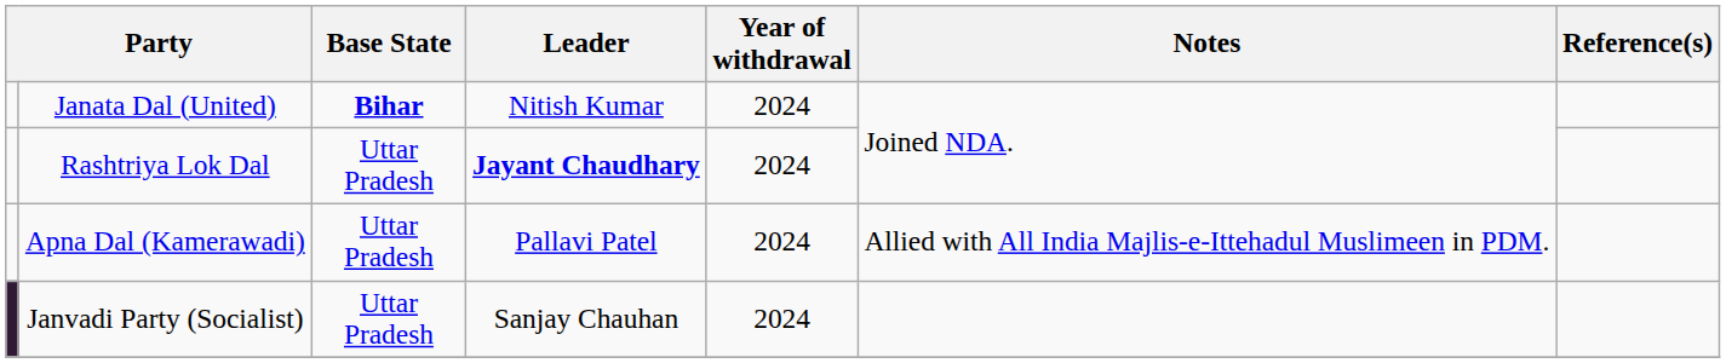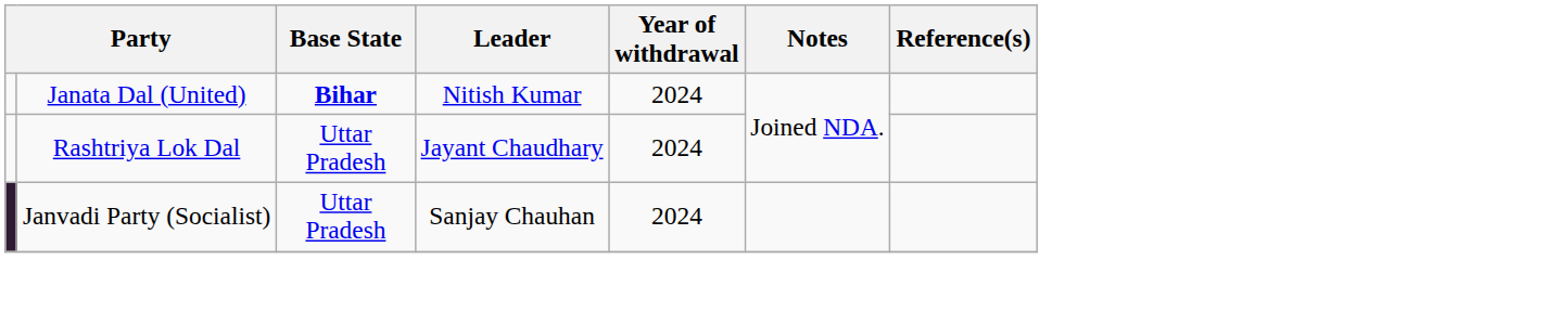 <table class="wikitable sortable">
 <tr>
 <th colspan="2" style="width:30px;">Party</th>
 <th style="width:80px;">Base State</th>
 <th>Leader</th>
 <th style="width:60px;">Year of withdrawal</th>
 <th>Notes</th>
 <th>Reference(s)</th>
 </tr>
 <tr>
 <td style="background-color:"></td>
 <td style="text-align: center;"><a href='#'>Janata Dal (United)</a></td>
 <td style="text-align: center;"><strong><a href='#'>Bihar</a></strong></td>
 <td style="text-align: center;"><a href='#'>Nitish Kumar</a></td>
 <td style="text-align: center;">2024</td>
 <td rowspan="2">Joined <a href='#'>NDA</a>.</td>
 <td></td>
 </tr>
 <tr>
 <td></td>
 <td style="text-align: center;"><a href='#'>Rashtriya Lok Dal</a></td>
 <td style="text-align: center;"><a href='#'>Uttar Pradesh</a></td>
-<td style="text-align: center;"><strong><a href='#'>Jayant Chaudhary</a></strong></td>
+<td style="text-align: center;"><a href='#'>Jayant Chaudhary</a></td>
 <td style="text-align: center;">2024</td>
-<td></td>
-</tr>
-<tr>
-<td></td>
-<td style="text-align: center;"><a href='#'>Apna Dal (Kamerawadi)</a></td>
-<td style="text-align: center;"><a href='#'>Uttar Pradesh</a></td>
-<td style="text-align: center;"><a href='#'>Pallavi Patel</a></td>
-<td style="text-align: center;">2024</td>
-<td>Allied with <a href='#'>All India Majlis-e-Ittehadul Muslimeen</a> in <a href='#'>PDM</a>.</td>
 <td></td>
 </tr>
 <tr>
 <td bgcolor="#301934"></td>
 <td style="text-align: center;">Janvadi Party (Socialist)</td>
 <td style="text-align: center;"><a href='#'>Uttar Pradesh</a></td>
 <td style="text-align: center;">Sanjay Chauhan</td>
 <td style="text-align: center;">2024</td>
 <td></td>
 <td></td>
 </tr>
 <tr>
 </tr>
 </table>
